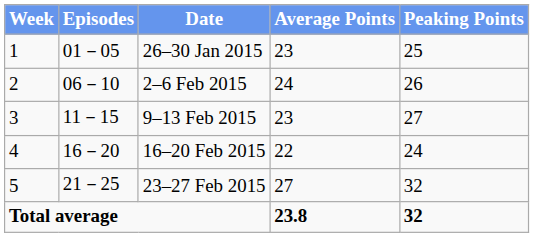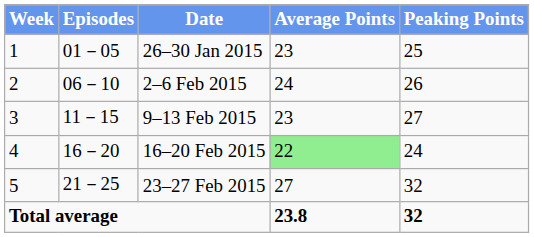 <table class="wikitable">
 <tr style="background:cornflowerblue; color:white" align="center">
 <td><strong>Week</strong></td>
 <td><strong>Episodes</strong></td>
 <td><strong>Date</strong></td>
 <td><strong>Average Points</strong></td>
 <td><strong>Peaking Points</strong></td>
 </tr>
 <tr>
 <td>1</td>
 <td>01－05</td>
 <td>26–30 Jan 2015</td>
 <td>23</td>
 <td>25</td>
 </tr>
 <tr>
 <td>2</td>
 <td>06－10</td>
 <td>2–6 Feb 2015</td>
 <td>24</td>
 <td>26</td>
 </tr>
 <tr>
 <td>3</td>
 <td>11－15</td>
 <td>9–13 Feb 2015</td>
 <td>23</td>
 <td>27</td>
 </tr>
 <tr>
 <td>4</td>
 <td>16－20</td>
 <td>16–20 Feb 2015</td>
-<td>22</td>
+<td style="background: lightgreen;">22</td>
 <td>24</td>
 </tr>
 <tr>
 <td>5</td>
 <td>21－25</td>
 <td>23–27 Feb 2015</td>
 <td>27</td>
 <td>32</td>
 </tr>
 <tr>
 <td colspan="3"><strong>Total average</strong></td>
 <td><strong>23.8</strong></td>
 <td><strong>32</strong></td>
 </tr>
 </table>
